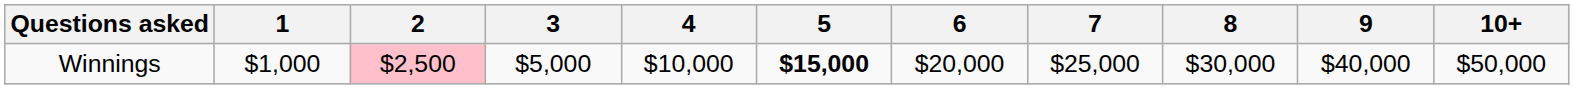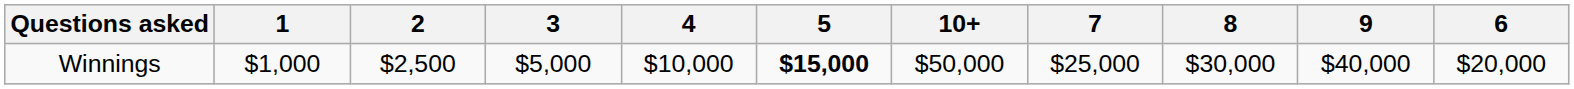 <table class="wikitable" style="border:1; cellpadding:2; cellspacing:0; text-align:center;">
 <tr>
 <th>Questions asked</th>
 <th style="width:5em;">1</th>
 <th style="width:5em;">2</th>
 <th style="width:5em;">3</th>
 <th style="width:5em;">4</th>
 <th style="width:5em;">5</th>
-<th style="width:5em;">6</th>
+<th style="width:5em;">10+</th>
 <th style="width:5em;">7</th>
 <th style="width:5em;">8</th>
 <th style="width:5em;">9</th>
-<th style="width:5em;">10+</th>
+<th style="width:5em;">6</th>
 </tr>
 <tr>
 <td>Winnings</td>
 <td>$1,000</td>
-<td style="background: pink;">$2,500</td>
+<td>$2,500</td>
 <td>$5,000</td>
 <td>$10,000</td>
 <td><strong>$15,000</strong></td>
-<td>$20,000</td>
+<td>$50,000</td>
 <td>$25,000</td>
 <td>$30,000</td>
 <td>$40,000</td>
-<td>$50,000</td>
+<td>$20,000</td>
 </tr>
 </table>
